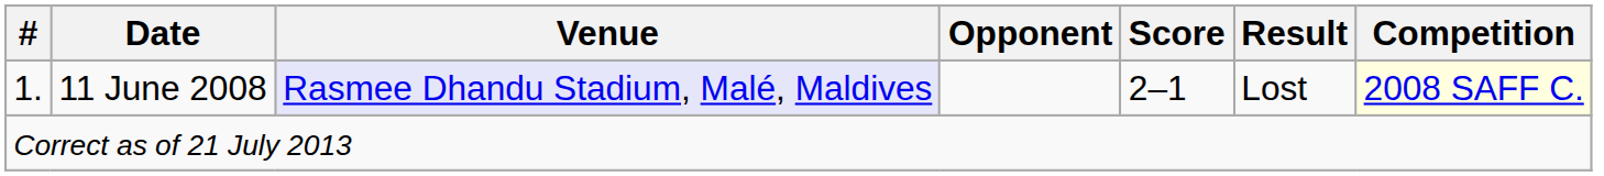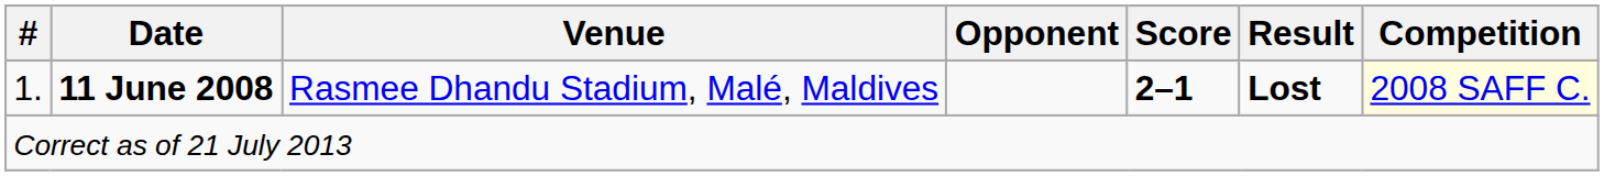 <table class="wikitable" style="font-size:95%;">
 <tr>
 <th>#</th>
 <th>Date</th>
 <th>Venue</th>
 <th>Opponent</th>
 <th>Score</th>
 <th>Result</th>
 <th>Competition</th>
 </tr>
 <tr>
 <td>1.</td>
-<td>11 June 2008</td>
-<td style="background: lavender;"><a href='#'>Rasmee Dhandu Stadium</a>, <a href='#'>Malé</a>, <a href='#'>Maldives</a></td>
+<td><strong>11 June 2008</strong></td>
+<td><a href='#'>Rasmee Dhandu Stadium</a>, <a href='#'>Malé</a>, <a href='#'>Maldives</a></td>
 <td></td>
-<td>2–1</td>
-<td>Lost</td>
+<td><strong>2–1</strong></td>
+<td><strong>Lost</strong></td>
 <td style="background: lightyellow;"><a href='#'>2008 SAFF C.</a></td>
 </tr>
 <tr>
 <td colspan="12"><small><em>Correct as of 21 July 2013</em></small></td>
 </tr>
 </table>
